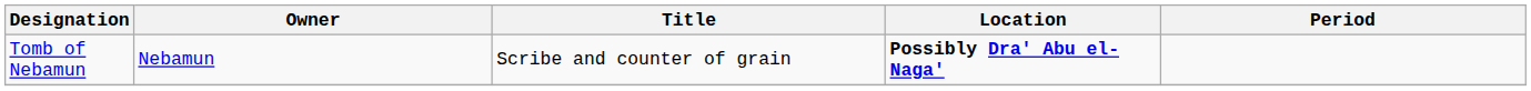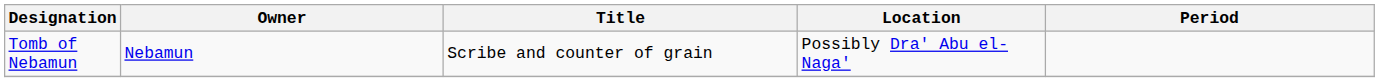 <table class="wikitable">
 <tr>
 <th width="50">Designation</th>
 <th width="250">Owner</th>
 <th width="275">Title</th>
 <th width="190">Location</th>
 <th width="255">Period</th>
 </tr>
 <tr>
 <td><a href='#'>Tomb of Nebamun</a></td>
 <td><a href='#'>Nebamun</a></td>
 <td>Scribe and counter of grain</td>
-<td><strong>Possibly <a href='#'>Dra' Abu el-Naga'</a></strong></td>
+<td>Possibly <a href='#'>Dra' Abu el-Naga'</a></td>
 <td></td>
 </tr>
 <tr>
 </tr>
 </table>
